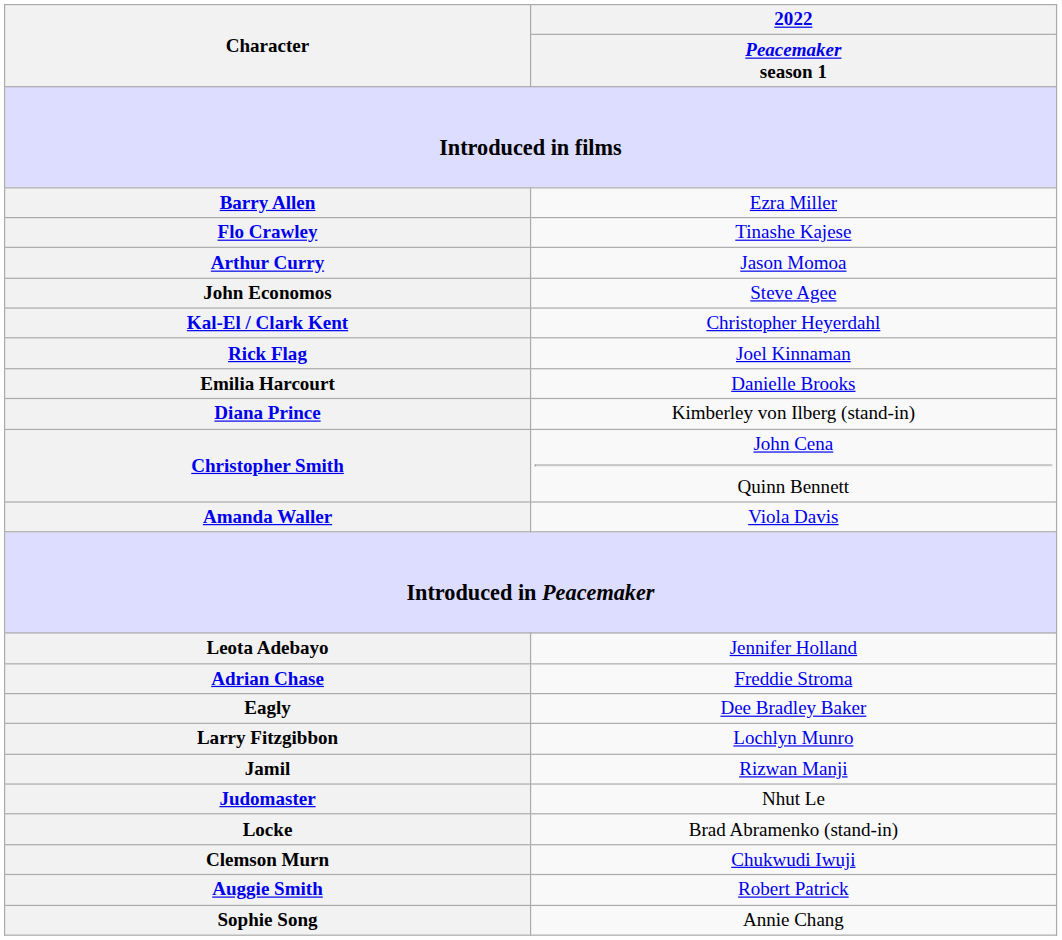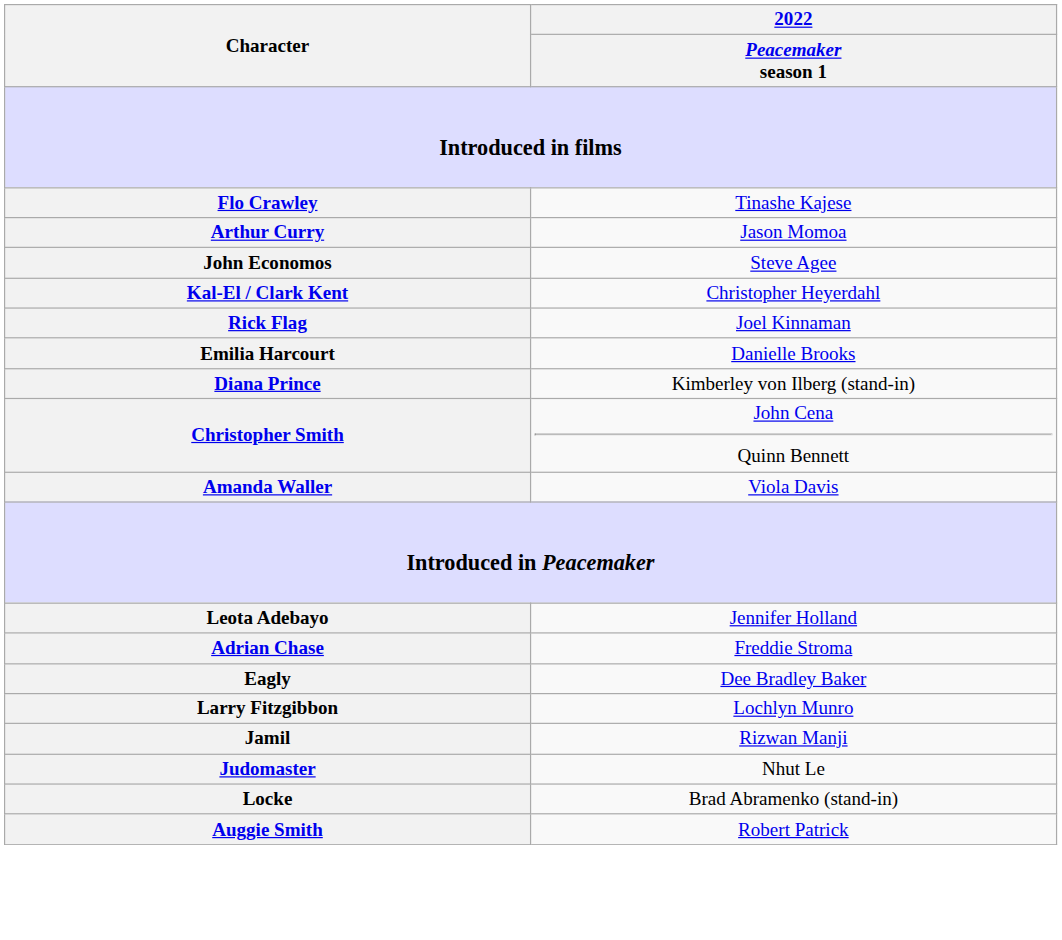 <table class="wikitable" style="text-align:center; width:70%;">
 <tr>
 <th rowspan="2" style="width:20%;">Character</th>
 <th><a href='#'>2022</a></th>
 </tr>
 <tr>
 <th style="width:20%;"><em><a href='#'>Peacemaker</a></em><br>season 1</th>
 </tr>
 <tr>
 <th colspan="2" scope="row" style="background:#ddf;"><br><h3>Introduced in films</h3></th>
-</tr>
-<tr>
-<th scope="row"><a href='#'>Barry Allen<br></a></th>
-<td><a href='#'>Ezra Miller</a></td>
 </tr>
 <tr>
 <th scope="row"><a href='#'>Flo Crawley</a></th>
 <td><a href='#'>Tinashe Kajese</a></td>
 </tr>
 <tr>
 <th scope="row"><a href='#'>Arthur Curry<br></a></th>
 <td><a href='#'>Jason Momoa</a></td>
 </tr>
 <tr>
 <th scope="row">John Economos</th>
 <td><a href='#'>Steve Agee</a></td>
 </tr>
 <tr>
 <th scope="row"><a href='#'>Kal-El / Clark Kent<br></a></th>
 <td><a href='#'>Christopher Heyerdahl</a></td>
 </tr>
 <tr>
 <th scope="row"><a href='#'>Rick Flag</a></th>
 <td><a href='#'>Joel Kinnaman</a></td>
 </tr>
 <tr>
 <th scope="row">Emilia Harcourt</th>
 <td><a href='#'>Danielle Brooks</a></td>
 </tr>
 <tr>
 <th scope="row"><a href='#'>Diana Prince<br></a></th>
 <td>Kimberley von Ilberg (stand-in)</td>
 </tr>
 <tr>
 <th scope="row"><a href='#'>Christopher Smith<br></a></th>
 <td><a href='#'>John Cena</a><hr>Quinn Bennett</td>
 </tr>
 <tr>
 <th scope="row"><a href='#'>Amanda Waller</a></th>
 <td><a href='#'>Viola Davis</a></td>
 </tr>
 <tr>
 <th colspan="2" scope="row" style="background:#ddf;"><br><h3>Introduced in <em>Peacemaker</em></h3></th>
 </tr>
 <tr>
 <th scope="row">Leota Adebayo</th>
 <td><a href='#'>Jennifer Holland</a></td>
 </tr>
 <tr>
 <th scope="row"><a href='#'>Adrian Chase<br></a></th>
 <td><a href='#'>Freddie Stroma</a></td>
 </tr>
 <tr>
 <th scope="row">Eagly</th>
 <td><a href='#'>Dee Bradley Baker</a></td>
 </tr>
 <tr>
 <th scope="row">Larry Fitzgibbon</th>
 <td><a href='#'>Lochlyn Munro</a></td>
 </tr>
 <tr>
 <th scope="row">Jamil</th>
 <td><a href='#'>Rizwan Manji</a></td>
 </tr>
 <tr>
 <th scope="row"><a href='#'>Judomaster</a></th>
 <td>Nhut Le</td>
 </tr>
 <tr>
 <th scope="row">Locke</th>
 <td>Brad Abramenko (stand-in)</td>
 </tr>
 <tr>
-<th scope="row">Clemson Murn<br></th>
-<td><a href='#'>Chukwudi Iwuji</a></td>
-</tr>
-<tr>
 <th scope="row"><a href='#'>Auggie Smith<br></a></th>
 <td><a href='#'>Robert Patrick</a></td>
 </tr>
-<tr>
-<th scope="row">Sophie Song</th>
-<td>Annie Chang</td>
-</tr>
 </table>
